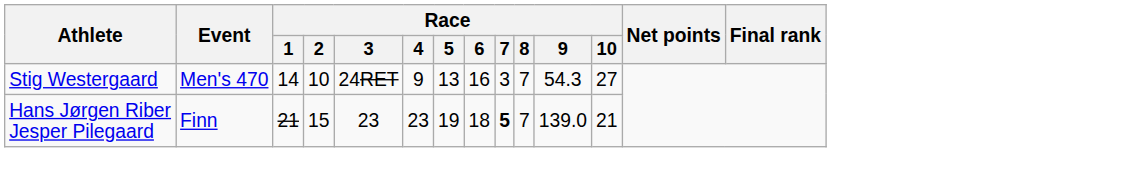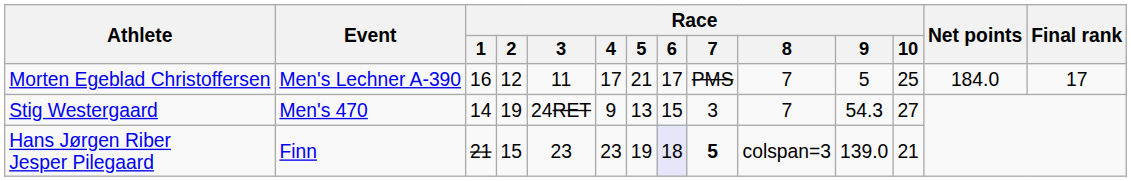 <table class="wikitable" style="font-size:90%">
 <tr>
 <th rowspan="2">Athlete</th>
 <th rowspan="2">Event</th>
 <th colspan=10>Race</th>
 <th rowspan=2>Net points</th>
 <th rowspan=2>Final rank</th>
 </tr>
 <tr style="font-size:95%">
 <th>1</th>
 <th>2</th>
 <th>3</th>
 <th>4</th>
 <th>5</th>
 <th>6</th>
 <th>7</th>
 <th>8</th>
 <th>9</th>
 <th>10</th>
 </tr>
 <tr align=center>
+<td align=left><a href='#'>Morten Egeblad Christoffersen</a></td>
+<td align=left><a href='#'>Men's Lechner A-390</a></td>
+<td>16</td>
+<td>12</td>
+<td>11</td>
+<td>17</td>
+<td>21</td>
+<td>17</td>
+<td><s>PMS</s></td>
+<td>7</td>
+<td>5</td>
+<td>25</td>
+<td>184.0</td>
+<td>17</td>
+</tr>
+<tr align=center>
 <td align=left><a href='#'>Stig Westergaard</a></td>
 <td align=left><a href='#'>Men's 470</a></td>
 <td>14</td>
-<td>10</td>
+<td>19</td>
 <td>24<s>RET</s></td>
 <td>9</td>
 <td>13</td>
-<td>16</td>
+<td>15</td>
 <td>3</td>
 <td>7</td>
 <td>54.3</td>
 <td>27</td>
 </tr>
 <tr align=center>
 <td align=left><a href='#'>Hans Jørgen Riber</a><br><a href='#'>Jesper Pilegaard</a></td>
 <td align=left><a href='#'>Finn</a></td>
 <td><s>21</s></td>
 <td>15</td>
 <td>23</td>
 <td>23</td>
 <td>19</td>
-<td>18</td>
+<td style="background: lavender;">18</td>
 <td><strong>5</strong></td>
-<td>7</td>
+<td>colspan=3 </td>
 <td>139.0</td>
 <td>21</td>
 </tr>
 </table>
